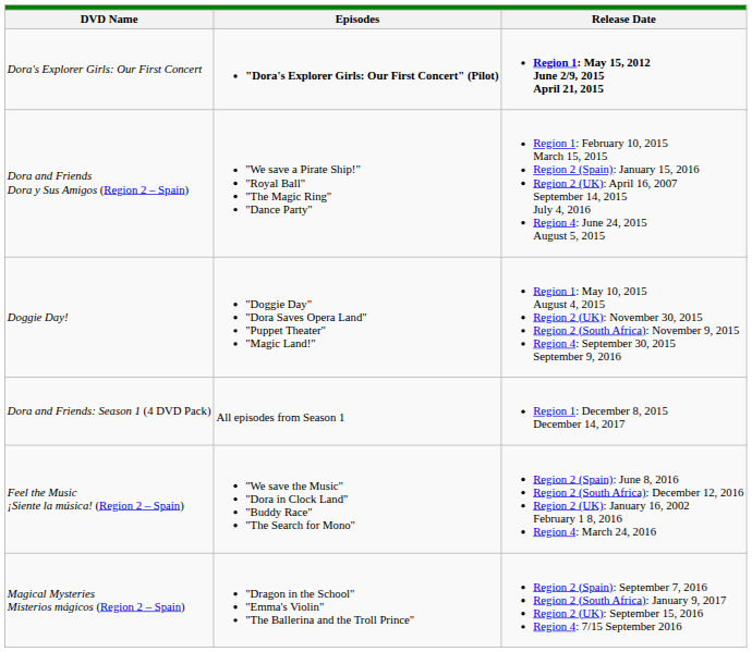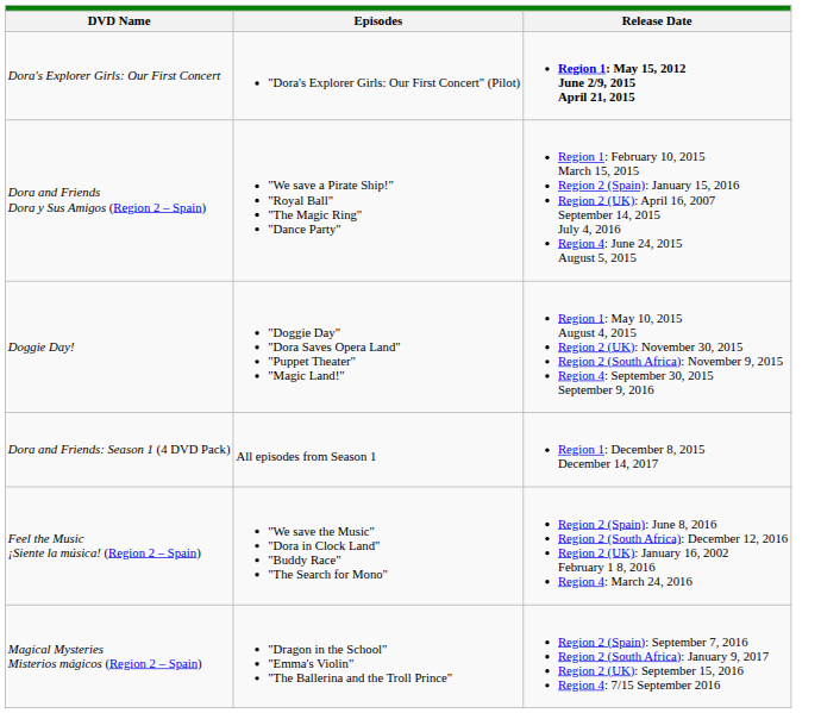 <table class="wikitable">
 <tr>
 <td colspan="3" style="background:green; color:yellow; font-size:100%; text-align:center;"></td>
 </tr>
 <tr>
 <th>DVD Name</th>
 <th>Episodes</th>
 <th>Release Date</th>
 </tr>
 <tr>
 <td><em>Dora's Explorer Girls: Our First Concert</em></td>
-<td><strong><br><ul><li>"Dora's Explorer Girls: Our First Concert" (Pilot)</li></ul></strong></td>
+<td><br><ul><li>"Dora's Explorer Girls: Our First Concert" (Pilot)</li></ul></td>
 <td><strong><br><ul><li><a href='#'>Region 1</a>: May 15, 2012<br>June 2/9, 2015<br>April 21, 2015</li></ul></strong></td>
 </tr>
 <tr>
 <td><em>Dora and Friends</em><br><em>Dora y Sus Amigos</em> (<a href='#'>Region 2 – Spain</a>)</td>
 <td><br><ul><li>"We save a Pirate Ship!"</li><li>"Royal Ball"</li><li>"The Magic Ring"</li><li>"Dance Party"</li></ul></td>
 <td><br><ul><li><a href='#'>Region 1</a>: February 10, 2015<br>March 15, 2015</li><li><a href='#'>Region 2 (Spain)</a>: January 15, 2016</li><li><a href='#'>Region 2 (UK)</a>: April 16, 2007<br>September 14, 2015<br>July 4, 2016</li><li><a href='#'>Region 4</a>: June 24, 2015<br>August 5, 2015</li></ul></td>
 </tr>
 <tr>
 <td><em>Doggie Day!</em></td>
 <td><br><ul><li>"Doggie Day"</li><li>"Dora Saves Opera Land"</li><li>"Puppet Theater"</li><li>"Magic Land!"</li></ul></td>
 <td><br><ul><li><a href='#'>Region 1</a>: May 10, 2015<br>August 4, 2015</li><li><a href='#'>Region 2 (UK)</a>: November 30, 2015</li><li><a href='#'>Region 2 (South Africa)</a>: November 9, 2015</li><li><a href='#'>Region 4</a>: September 30, 2015<br>September 9, 2016</li></ul></td>
 </tr>
 <tr>
 <td><em>Dora and Friends: Season 1</em> (4 DVD Pack)</td>
 <td><br>All episodes from Season 1</td>
 <td><br><ul><li><a href='#'>Region 1</a>: December 8, 2015<br>December 14, 2017</li></ul></td>
 </tr>
 <tr>
 <td><em>Feel the Music</em><br><em>¡Siente la música!</em> (<a href='#'>Region 2 – Spain</a>)</td>
 <td><br><ul><li>"We save the Music"</li><li>"Dora in Clock Land"</li><li>"Buddy Race"</li><li>"The Search for Mono"</li></ul></td>
 <td><br><ul><li><a href='#'>Region 2 (Spain)</a>: June 8, 2016</li><li><a href='#'>Region 2 (South Africa)</a>: December 12, 2016</li><li><a href='#'>Region 2 (UK)</a>: January 16, 2002<br>February 1 8, 2016</li><li><a href='#'>Region 4</a>: March 24, 2016</li></ul></td>
 </tr>
 <tr>
 <td><em>Magical Mysteries</em><br><em>Misterios mágicos</em> (<a href='#'>Region 2 – Spain</a>)</td>
 <td><br><ul><li>"Dragon in the School"</li><li>"Emma's Violin"</li><li>"The Ballerina and the Troll Prince"</li></ul></td>
 <td><br><ul><li><a href='#'>Region 2 (Spain)</a>: September 7, 2016</li><li><a href='#'>Region 2 (South Africa)</a>: January 9, 2017</li><li><a href='#'>Region 2 (UK)</a>: September 15, 2016</li><li><a href='#'>Region 4</a>: 7/15 September 2016</li></ul></td>
 </tr>
 </table>
